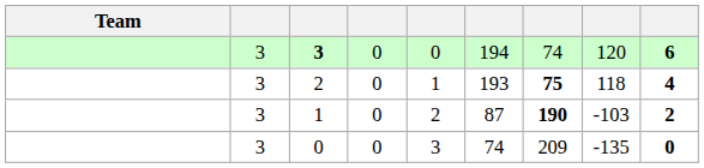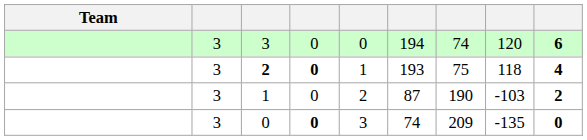 <table class=wikitable style="text-align:center">
 <tr>
 <th width=175>Team</th>
 <th width=40></th>
 <th width=40></th>
 <th width=40></th>
 <th width=40></th>
 <th width=40></th>
 <th width=40></th>
 <th width=40></th>
 <th width=40></th>
 </tr>
 <tr style="background:#ccffcc;">
 <td align=left><strong></strong></td>
 <td>3</td>
-<td><strong>3</strong></td>
+<td>3</td>
 <td>0</td>
 <td>0</td>
 <td>194</td>
 <td>74</td>
 <td>120</td>
 <td><strong>6</strong></td>
 </tr>
 <tr style="background:white">
 <td align=left></td>
 <td>3</td>
-<td>2</td>
-<td>0</td>
+<td><strong>2</strong></td>
+<td><strong>0</strong></td>
 <td>1</td>
 <td>193</td>
-<td><strong>75</strong></td>
+<td>75</td>
 <td>118</td>
 <td><strong>4</strong></td>
 </tr>
 <tr style="background:white">
 <td align=left></td>
 <td>3</td>
 <td>1</td>
 <td>0</td>
 <td>2</td>
 <td>87</td>
-<td><strong>190</strong></td>
+<td>190</td>
 <td>-103</td>
 <td><strong>2</strong></td>
 </tr>
 <tr style="background:white;">
 <td align=left></td>
 <td>3</td>
 <td>0</td>
-<td>0</td>
+<td><strong>0</strong></td>
 <td>3</td>
 <td>74</td>
 <td>209</td>
 <td>-135</td>
 <td><strong>0</strong></td>
 </tr>
 </table>
